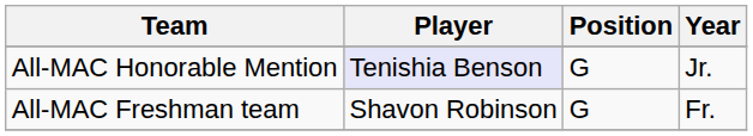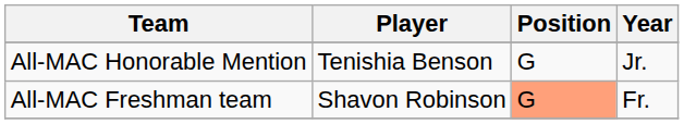 <table class="wikitable" border="1">
 <tr align=center>
 <th style= >Team</th>
 <th style= >Player</th>
 <th style= >Position</th>
 <th style= >Year</th>
 </tr>
 <tr align="center">
 </tr>
 <tr>
 <td>All-MAC Honorable Mention</td>
-<td style="background: lavender;">Tenishia Benson</td>
+<td>Tenishia Benson</td>
 <td>G</td>
 <td>Jr.</td>
 </tr>
 <tr>
 <td>All-MAC Freshman team</td>
 <td>Shavon Robinson</td>
-<td>G</td>
+<td style="background: lightsalmon;">G</td>
 <td>Fr.</td>
 </tr>
 <tr>
 </tr>
 </table>
